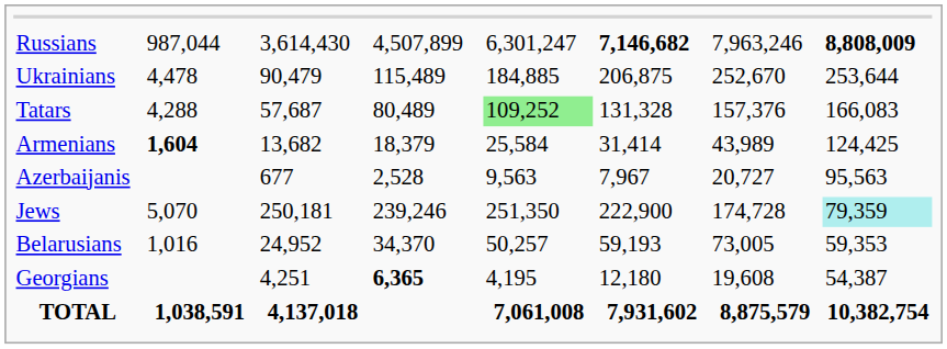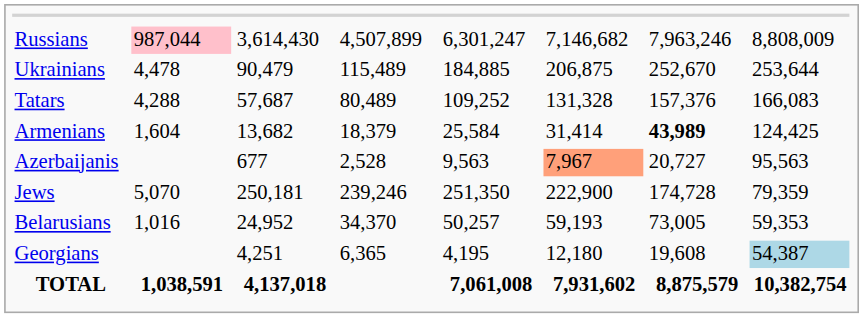 <table class="infobox" style="float:right; font-size:80%;">
 <tr>
 <td colspan="8" style="background:#D3D3D3; color:black"></td>
 </tr>
 <tr>
 <td style="width: 70px"></td>
 <td style="width: 60px"></td>
 <td style="width: 60px"></td>
 <td style="width: 60px"></td>
 <td style="width: 60px"></td>
 <td style="width: 60px"></td>
 <td style="width: 60px"></td>
 <td style="width: 60px"></td>
 </tr>
 <tr>
 <td><a href='#'>Russians</a></td>
-<td>987,044</td>
+<td style="background: pink;">987,044</td>
 <td>3,614,430</td>
 <td>4,507,899</td>
 <td>6,301,247</td>
-<td><strong>7,146,682</strong></td>
+<td>7,146,682</td>
 <td>7,963,246</td>
-<td><strong>8,808,009</strong></td>
+<td>8,808,009</td>
 </tr>
 <tr>
 <td><a href='#'>Ukrainians</a></td>
 <td>4,478</td>
 <td>90,479</td>
 <td>115,489</td>
 <td>184,885</td>
 <td>206,875</td>
 <td>252,670</td>
 <td>253,644</td>
 </tr>
 <tr>
 <td><a href='#'>Tatars</a></td>
 <td>4,288</td>
 <td>57,687</td>
 <td>80,489</td>
-<td style="background: lightgreen;">109,252</td>
+<td>109,252</td>
 <td>131,328</td>
 <td>157,376</td>
 <td>166,083</td>
 </tr>
 <tr>
 <td><a href='#'>Armenians</a></td>
-<td><strong>1,604</strong></td>
+<td>1,604</td>
 <td>13,682</td>
 <td>18,379</td>
 <td>25,584</td>
 <td>31,414</td>
-<td>43,989</td>
+<td><strong>43,989</strong></td>
 <td>124,425</td>
 </tr>
 <tr>
 <td><a href='#'>Azerbaijanis</a></td>
 <td></td>
 <td>677</td>
 <td>2,528</td>
 <td>9,563</td>
-<td>7,967</td>
+<td style="background: lightsalmon;">7,967</td>
 <td>20,727</td>
 <td>95,563</td>
 </tr>
 <tr>
 <td><a href='#'>Jews</a></td>
 <td>5,070</td>
 <td>250,181</td>
 <td>239,246</td>
 <td>251,350</td>
 <td>222,900</td>
 <td>174,728</td>
-<td style="background: paleturquoise;">79,359</td>
+<td>79,359</td>
 </tr>
 <tr>
 <td><a href='#'>Belarusians</a></td>
 <td>1,016</td>
 <td>24,952</td>
 <td>34,370</td>
 <td>50,257</td>
 <td>59,193</td>
 <td>73,005</td>
 <td>59,353</td>
 </tr>
 <tr>
 <td><a href='#'>Georgians</a></td>
 <td></td>
 <td>4,251</td>
-<td><strong>6,365</strong></td>
+<td>6,365</td>
 <td>4,195</td>
 <td>12,180</td>
 <td>19,608</td>
-<td>54,387</td>
+<td style="background: lightblue;">54,387</td>
 </tr>
 <tr>
 <th>TOTAL</th>
 <th>1,038,591</th>
 <th>4,137,018</th>
 <th></th>
 <th>7,061,008</th>
 <th>7,931,602</th>
 <th>8,875,579</th>
 <th>10,382,754</th>
 </tr>
 <tr>
 <td colspan="8"></td>
 </tr>
 </table>
